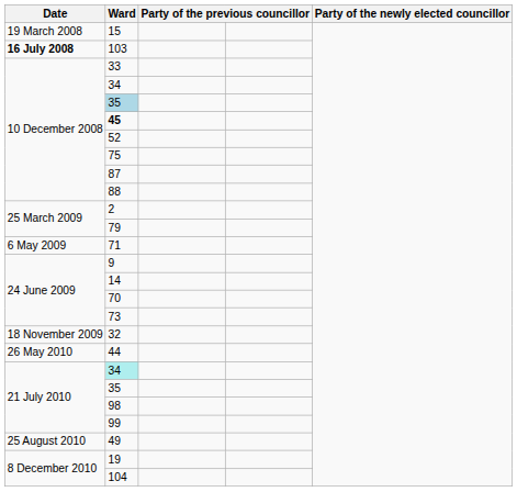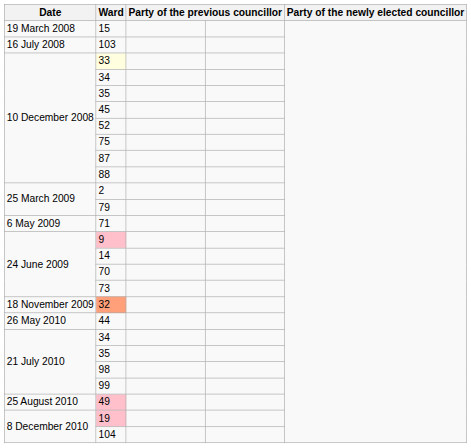 <table class="wikitable">
 <tr>
 <th>Date</th>
 <th>Ward</th>
 <th colspan=2>Party of the previous councillor</th>
 <th colspan=2>Party of the newly elected councillor</th>
 </tr>
 <tr>
 <td>19 March 2008</td>
 <td>15</td>
 <td></td>
 <td></td>
 </tr>
 <tr>
-<td><strong>16 July 2008</strong></td>
+<td>16 July 2008</td>
 <td>103</td>
 <td></td>
 <td></td>
 </tr>
 <tr>
 <td rowspan=8>10 December 2008</td>
-<td>33</td>
+<td style="background: lightyellow;">33</td>
 <td></td>
 <td></td>
 </tr>
 <tr>
 <td>34</td>
 <td></td>
 <td></td>
 </tr>
 <tr>
-<td style="background: lightblue;">35</td>
+<td>35</td>
 <td></td>
 <td></td>
 </tr>
 <tr>
-<td><strong>45</strong></td>
+<td>45</td>
 <td></td>
 <td></td>
 </tr>
 <tr>
 <td>52</td>
 <td></td>
 <td></td>
 </tr>
 <tr>
 <td>75</td>
 <td></td>
 <td></td>
 </tr>
 <tr>
 <td>87</td>
 <td></td>
 <td></td>
 </tr>
 <tr>
 <td>88</td>
 <td></td>
 <td></td>
 </tr>
 <tr>
 <td rowspan=2>25 March 2009</td>
 <td>2</td>
 <td></td>
 <td></td>
 </tr>
 <tr>
 <td>79</td>
 <td></td>
 <td></td>
 </tr>
 <tr>
 <td>6 May 2009</td>
 <td>71</td>
 <td></td>
 <td></td>
 </tr>
 <tr>
 <td rowspan=4>24 June 2009</td>
-<td>9</td>
+<td style="background: pink;">9</td>
 <td></td>
 <td></td>
 </tr>
 <tr>
 <td>14</td>
 <td></td>
 <td></td>
 </tr>
 <tr>
 <td>70</td>
 <td></td>
 <td></td>
 </tr>
 <tr>
 <td>73</td>
 <td></td>
 <td></td>
 </tr>
 <tr>
 <td>18 November 2009</td>
-<td>32</td>
+<td style="background: lightsalmon;">32</td>
 <td></td>
 <td></td>
 </tr>
 <tr>
 <td>26 May 2010</td>
 <td>44</td>
 <td></td>
 <td></td>
 </tr>
 <tr>
 <td rowspan=4>21 July 2010</td>
-<td style="background: paleturquoise;">34</td>
+<td>34</td>
 <td></td>
 <td></td>
 </tr>
 <tr>
 <td>35</td>
 <td></td>
 <td></td>
 </tr>
 <tr>
 <td>98</td>
 <td></td>
 <td></td>
 </tr>
 <tr>
 <td>99</td>
 <td></td>
 <td></td>
 </tr>
 <tr>
 <td>25 August 2010</td>
-<td>49</td>
+<td style="background: pink;">49</td>
 <td></td>
 <td></td>
 </tr>
 <tr>
 <td rowspan=2>8 December 2010</td>
-<td>19</td>
+<td style="background: pink;">19</td>
 <td></td>
 <td></td>
 </tr>
 <tr>
 <td>104</td>
 <td></td>
 <td></td>
 </tr>
 </table>
